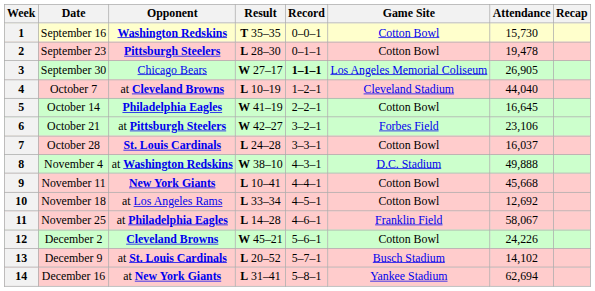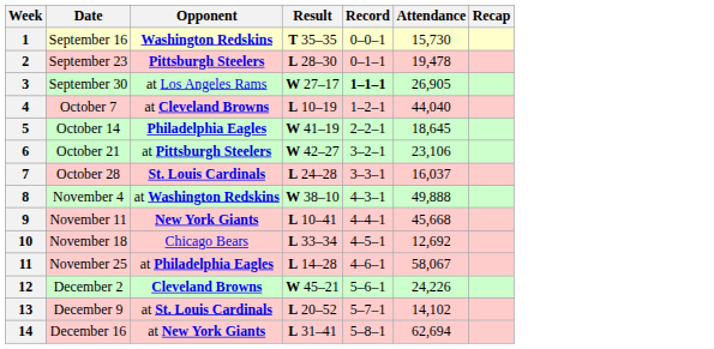 <table class="wikitable" style="text-align:center">
 <tr>
 <th>Week</th>
 <th>Date</th>
 <th>Opponent</th>
 <th>Result</th>
 <th>Record</th>
-<th>Game Site</th>
 <th>Attendance</th>
 <th>Recap</th>
 </tr>
 <tr style="background: #ffc">
 <th>1</th>
 <td>September 16</td>
 <td><strong><a href='#'>Washington Redskins</a></strong></td>
 <td><strong>T</strong> 35–35</td>
 <td>0–0–1</td>
-<td><a href='#'>Cotton Bowl</a></td>
 <td>15,730</td>
 <td></td>
 </tr>
 <tr style="background: #fcc">
 <th>2</th>
 <td>September 23</td>
 <td><strong><a href='#'>Pittsburgh Steelers</a></strong></td>
 <td><strong>L</strong> 28–30</td>
 <td>0–1–1</td>
-<td>Cotton Bowl</td>
 <td>19,478</td>
 <td></td>
 </tr>
 <tr style="background: #cfc">
 <th>3</th>
 <td>September 30</td>
-<td><a href='#'>Chicago Bears</a></td>
+<td>at <a href='#'>Los Angeles Rams</a></td>
 <td><strong>W</strong> 27–17</td>
 <td><strong>1–1–1</strong></td>
-<td><a href='#'>Los Angeles Memorial Coliseum</a></td>
 <td>26,905</td>
 <td></td>
 </tr>
 <tr style="background: #fcc">
 <th>4</th>
 <td>October 7</td>
 <td>at <strong><a href='#'>Cleveland Browns</a></strong></td>
 <td><strong>L</strong> 10–19</td>
 <td>1–2–1</td>
-<td><a href='#'>Cleveland Stadium</a></td>
 <td>44,040</td>
 <td></td>
 </tr>
 <tr style="background: #cfc">
 <th>5</th>
 <td>October 14</td>
 <td><strong><a href='#'>Philadelphia Eagles</a></strong></td>
 <td><strong>W</strong> 41–19</td>
 <td>2–2–1</td>
-<td>Cotton Bowl</td>
-<td>16,645</td>
+<td>18,645</td>
 <td></td>
 </tr>
 <tr style="background: #cfc">
 <th>6</th>
 <td>October 21</td>
 <td>at <strong><a href='#'>Pittsburgh Steelers</a></strong></td>
 <td><strong>W</strong> 42–27</td>
 <td>3–2–1</td>
-<td><a href='#'>Forbes Field</a></td>
 <td>23,106</td>
 <td></td>
 </tr>
 <tr style="background: #fcc">
 <th>7</th>
 <td>October 28</td>
 <td><strong><a href='#'>St. Louis Cardinals</a></strong></td>
 <td><strong>L</strong> 24–28</td>
 <td>3–3–1</td>
-<td>Cotton Bowl</td>
 <td>16,037</td>
 <td></td>
 </tr>
 <tr style="background: #cfc">
 <th>8</th>
 <td>November 4</td>
 <td>at <strong><a href='#'>Washington Redskins</a></strong></td>
 <td><strong>W</strong> 38–10</td>
 <td>4–3–1</td>
-<td><a href='#'>D.C. Stadium</a></td>
 <td>49,888</td>
 <td></td>
 </tr>
 <tr style="background: #fcc">
 <th>9</th>
 <td>November 11</td>
 <td><strong><a href='#'>New York Giants</a></strong></td>
 <td><strong>L</strong> 10–41</td>
 <td>4–4–1</td>
-<td>Cotton Bowl</td>
 <td>45,668</td>
 <td></td>
 </tr>
 <tr style="background: #fcc">
 <th>10</th>
 <td>November 18</td>
-<td>at <a href='#'>Los Angeles Rams</a></td>
+<td><a href='#'>Chicago Bears</a></td>
 <td><strong>L</strong> 33–34</td>
 <td>4–5–1</td>
-<td>Cotton Bowl</td>
 <td>12,692</td>
 <td></td>
 </tr>
 <tr style="background: #fcc">
 <th>11</th>
 <td>November 25</td>
 <td>at <strong><a href='#'>Philadelphia Eagles</a></strong></td>
 <td><strong>L</strong> 14–28</td>
 <td>4–6–1</td>
-<td><a href='#'>Franklin Field</a></td>
 <td>58,067</td>
 <td></td>
 </tr>
 <tr style="background: #cfc">
 <th>12</th>
 <td>December 2</td>
 <td><strong><a href='#'>Cleveland Browns</a></strong></td>
 <td><strong>W</strong> 45–21</td>
 <td>5–6–1</td>
-<td>Cotton Bowl</td>
 <td>24,226</td>
 <td></td>
 </tr>
 <tr style="background: #fcc">
 <th>13</th>
 <td>December 9</td>
 <td>at <strong><a href='#'>St. Louis Cardinals</a></strong></td>
 <td><strong>L</strong> 20–52</td>
 <td>5–7–1</td>
-<td><a href='#'>Busch Stadium</a></td>
 <td>14,102</td>
 <td></td>
 </tr>
 <tr style="background: #fcc">
 <th>14</th>
 <td>December 16</td>
 <td>at <strong><a href='#'>New York Giants</a></strong></td>
 <td><strong>L</strong> 31–41</td>
 <td>5–8–1</td>
-<td><a href='#'>Yankee Stadium</a></td>
 <td>62,694</td>
 <td></td>
 </tr>
 </table>
